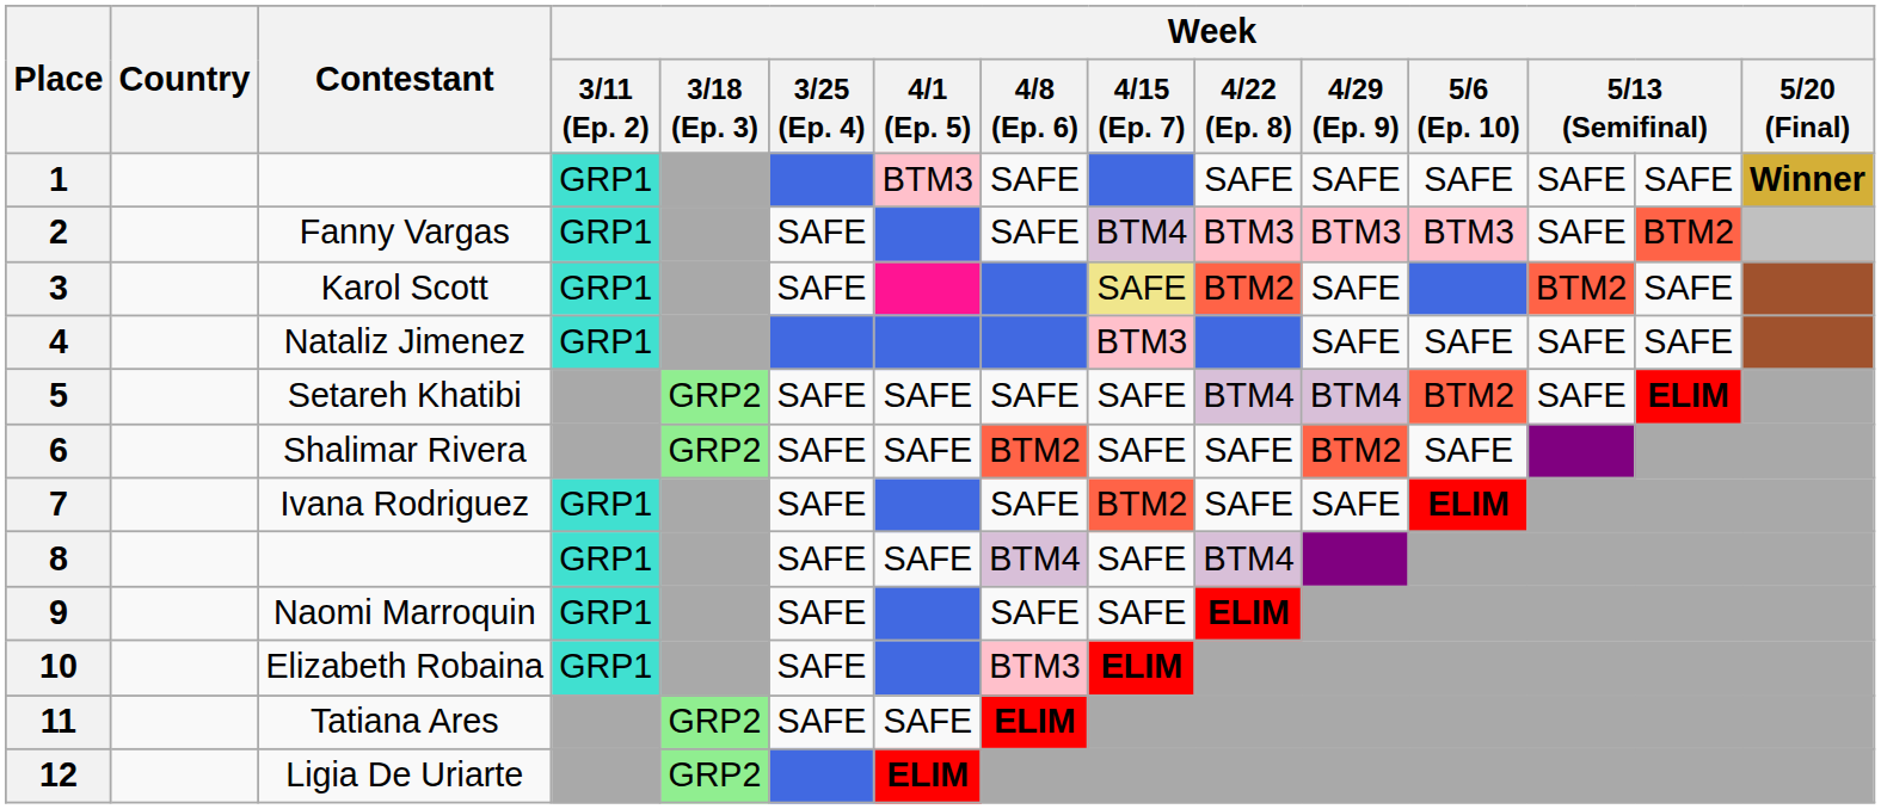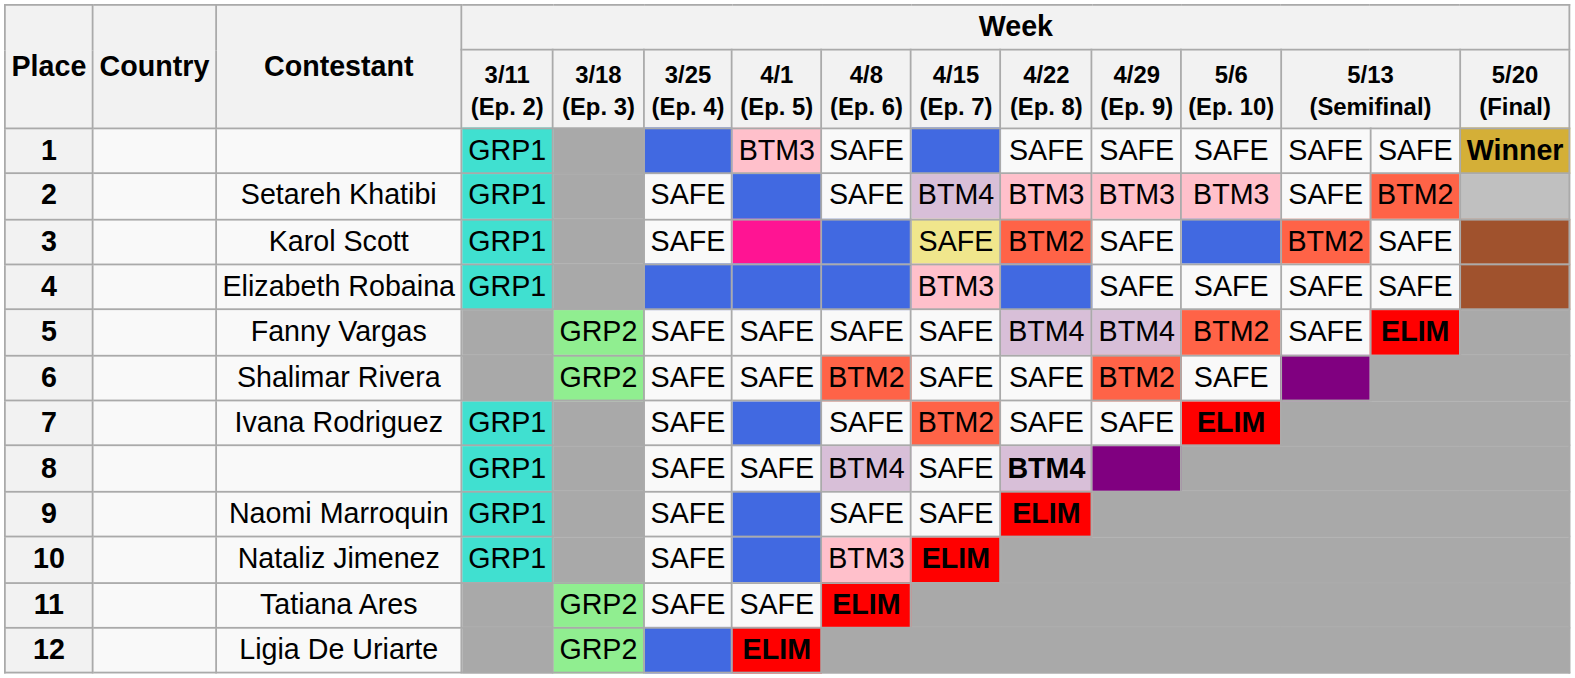 <table class="wikitable" style="text-align:center">
 <tr>
 <th rowspan="2">Place</th>
 <th rowspan="2">Country</th>
 <th rowspan="2">Contestant</th>
 <th colspan="14">Week</th>
 </tr>
 <tr>
 <th><small>3/11 <br>(Ep. 2)</small></th>
 <th><small>3/18 <br>(Ep. 3)</small></th>
 <th><small>3/25 <br>(Ep. 4)</small></th>
 <th><small>4/1 <br>(Ep. 5)</small></th>
 <th><small>4/8<br>(Ep. 6)</small></th>
 <th><small>4/15<br>(Ep. 7)</small></th>
 <th><small>4/22<br>(Ep. 8)</small></th>
 <th><small>4/29<br>(Ep. 9)</small></th>
 <th><small>5/6<br>(Ep. 10)</small></th>
 <th colspan="2"><small>5/13<br>(Semifinal)</small></th>
 <th><small>5/20<br>(Final)</small></th>
 </tr>
 <tr>
 <th>1</th>
 <td><strong></strong></td>
 <td></td>
 <td style="background:turquoise;">GRP1</td>
 <td style="background:darkgray;"></td>
 <td style="background:royalblue;"><strong></strong></td>
 <td style="background:pink;">BTM3</td>
 <td>SAFE</td>
 <td style="background:royalblue;"><strong></strong></td>
 <td>SAFE</td>
 <td>SAFE</td>
 <td>SAFE</td>
 <td>SAFE</td>
 <td>SAFE</td>
 <td style="background:#D4AF37;"><strong>Winner</strong></td>
 </tr>
 <tr>
 <th>2</th>
 <td></td>
-<td>Fanny Vargas</td>
+<td>Setareh Khatibi</td>
 <td style="background:turquoise;">GRP1</td>
 <td style="background:darkgray;"></td>
 <td>SAFE</td>
 <td style="background:royalblue;"><strong></strong></td>
 <td>SAFE</td>
 <td style="background:thistle;">BTM4</td>
 <td style="background:pink;">BTM3</td>
 <td style="background:pink;">BTM3</td>
 <td style="background:pink;">BTM3</td>
 <td>SAFE</td>
 <td style="background:tomato;">BTM2</td>
 <td style="background:silver;"></td>
 </tr>
 <tr>
 <th>3</th>
 <td><strong></strong></td>
 <td>Karol Scott</td>
 <td style="background:turquoise;">GRP1</td>
 <td style="background:darkgray;"></td>
 <td>SAFE</td>
 <td style="background:deeppink;"></td>
 <td style="background:royalblue;"><strong></strong></td>
 <td style="background: khaki;">SAFE</td>
 <td style="background:tomato;">BTM2</td>
 <td>SAFE</td>
 <td style="background:royalblue;"><strong></strong></td>
 <td style="background:tomato;">BTM2</td>
 <td>SAFE</td>
 <td style="background:sienna;"></td>
 </tr>
 <tr>
 <th>4</th>
 <td><strong></strong></td>
-<td>Nataliz Jimenez</td>
+<td>Elizabeth Robaina</td>
 <td style="background:turquoise;">GRP1</td>
 <td style="background:darkgray;"></td>
 <td style="background:royalblue;"><strong></strong></td>
 <td style="background:royalblue;"><strong></strong></td>
 <td style="background:royalblue;"><strong></strong></td>
 <td style="background:pink;">BTM3</td>
 <td style="background:royalblue;"><strong></strong></td>
 <td>SAFE</td>
 <td>SAFE</td>
 <td>SAFE</td>
 <td>SAFE</td>
 <td style="background:sienna;"></td>
 </tr>
 <tr>
 <th>5</th>
 <td><strong></strong></td>
-<td>Setareh Khatibi</td>
+<td>Fanny Vargas</td>
 <td style="background:darkgray;"></td>
 <td style="background:lightgreen;">GRP2</td>
 <td>SAFE</td>
 <td>SAFE</td>
 <td>SAFE</td>
 <td>SAFE</td>
 <td style="background:Thistle;">BTM4</td>
 <td style="background:Thistle;">BTM4</td>
 <td style="background:tomato;">BTM2</td>
 <td>SAFE</td>
 <td style="background:red;"><strong>ELIM</strong></td>
 <td style="background:darkgray;" colspan="11"></td>
 </tr>
 <tr>
 <th>6</th>
 <td><strong></strong></td>
 <td>Shalimar Rivera</td>
 <td style="background:darkgray;"></td>
 <td style="background:lightgreen;">GRP2</td>
 <td>SAFE</td>
 <td>SAFE</td>
 <td style="background:tomato;">BTM2</td>
 <td>SAFE</td>
 <td>SAFE</td>
 <td style="background:tomato;">BTM2</td>
 <td>SAFE</td>
 <td style="background:purple;"></td>
 <td style="background:darkgray;" colspan="11"></td>
 </tr>
 <tr>
 <th>7</th>
 <td><strong></strong></td>
 <td>Ivana Rodriguez</td>
 <td style="background:turquoise;">GRP1</td>
 <td style="background:darkgray;"></td>
 <td>SAFE</td>
 <td style="background:royalblue;"><strong></strong></td>
 <td>SAFE</td>
 <td style="background:tomato;">BTM2</td>
 <td>SAFE</td>
 <td>SAFE</td>
 <td style="background:red;"><strong>ELIM</strong></td>
 <td style="background:darkgray;" colspan="11"></td>
 </tr>
 <tr>
 <th>8</th>
 <td><strong></strong></td>
 <td></td>
 <td style="background:turquoise;">GRP1</td>
 <td style="background:darkgray;"></td>
 <td>SAFE</td>
 <td>SAFE</td>
 <td style="background:Thistle;">BTM4</td>
 <td>SAFE</td>
-<td style="background:Thistle;">BTM4</td>
+<td style="background:Thistle;"><strong>BTM4</strong></td>
 <td style="background:purple;"></td>
 <td style="background:darkgray;" colspan="11"></td>
 </tr>
 <tr>
 <th>9</th>
 <td><strong></strong></td>
 <td>Naomi Marroquin</td>
 <td style="background:turquoise;">GRP1</td>
 <td style="background:darkgray;"></td>
 <td>SAFE</td>
 <td style="background:royalblue;"><strong></strong></td>
 <td>SAFE</td>
 <td>SAFE</td>
 <td style="background:red;"><strong>ELIM</strong></td>
 <td style="background:darkgray;" colspan="11"></td>
 </tr>
 <tr>
 <th>10</th>
 <td><strong></strong></td>
-<td>Elizabeth Robaina</td>
+<td>Nataliz Jimenez</td>
 <td style="background:turquoise;">GRP1</td>
 <td style="background:darkgray;"></td>
 <td>SAFE</td>
 <td style="background:royalblue;"><strong></strong></td>
 <td style="background:pink;">BTM3</td>
 <td style="background:red;"><strong>ELIM</strong></td>
 <td style="background:darkgray;" colspan="11"></td>
 </tr>
 <tr>
 <th>11</th>
 <td><strong></strong></td>
 <td>Tatiana Ares</td>
 <td style="background:darkgray;"></td>
 <td style="background:lightgreen;">GRP2</td>
 <td>SAFE</td>
 <td>SAFE</td>
 <td style="background:red;"><strong>ELIM</strong></td>
 <td style="background:darkgray;" colspan="11"></td>
 </tr>
 <tr>
 <th>12</th>
 <td><strong></strong></td>
 <td>Ligia De Uriarte</td>
 <td style="background:darkgray;"></td>
 <td style="background:lightgreen;">GRP2</td>
 <td style="background:royalblue;"><strong></strong></td>
 <td style="background:red;"><strong>ELIM</strong></td>
 <td style="background:darkgray;" colspan="11"></td>
 </tr>
 </table>
